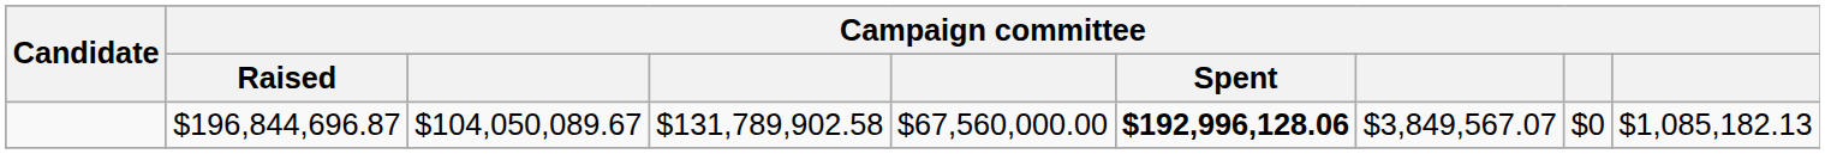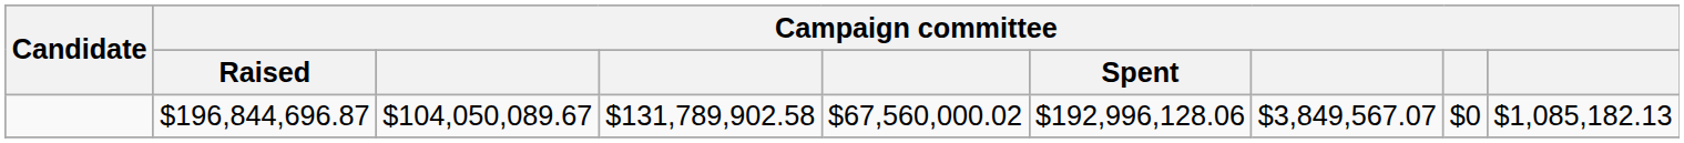 <table class="wikitable sortable" style="font-size:90%;text-align:center;">
 <tr>
 <th rowspan="2">Candidate</th>
 <th colspan="8">Campaign committee</th>
 </tr>
 <tr>
 <th>Raised</th>
 <th></th>
 <th></th>
 <th></th>
 <th>Spent</th>
 <th data-sort-type=currency></th>
 <th></th>
 <th></th>
 </tr>
 <tr>
 <td></td>
 <td>$196,844,696.87</td>
 <td>$104,050,089.67</td>
 <td>$131,789,902.58</td>
-<td>$67,560,000.00</td>
-<td><strong>$192,996,128.06</strong></td>
+<td>$67,560,000.02</td>
+<td>$192,996,128.06</td>
 <td>$3,849,567.07</td>
 <td>$0</td>
 <td>$1,085,182.13</td>
 </tr>
 </table>
